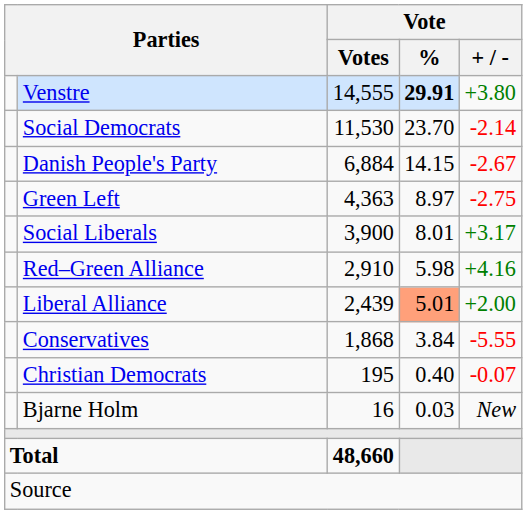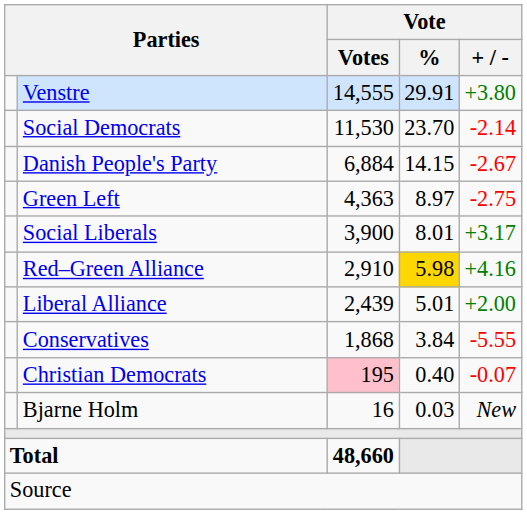 <table class="wikitable" style="text-align:right;">
 <tr>
 <th style="text-align:centre;" rowspan="2" colspan="2" width="225">Parties</th>
 <th colspan="3">Vote</th>
 </tr>
 <tr>
 <th width="15">Votes</th>
 <th width="15">%</th>
 <th width="15">+ / -</th>
 </tr>
 <tr>
 <td width="2" style="color:inherit;background:"></td>
 <td bgcolor=#cfe5fe  align="left"><a href='#'>Venstre</a></td>
 <td bgcolor=#cfe5fe>14,555</td>
-<td bgcolor=#cfe5fe><strong>29.91</strong></td>
+<td bgcolor=#cfe5fe>29.91</td>
 <td style=color:green;>+3.80</td>
 </tr>
 <tr>
 <td width="2" style="color:inherit;background:"></td>
 <td align="left"><a href='#'>Social Democrats</a></td>
 <td>11,530</td>
 <td>23.70</td>
 <td style=color:red;>-2.14</td>
 </tr>
 <tr>
 <td width="2" style="color:inherit;background:"></td>
 <td align="left"><a href='#'>Danish People's Party</a></td>
 <td>6,884</td>
 <td>14.15</td>
 <td style=color:red;>-2.67</td>
 </tr>
 <tr>
 <td width="2" style="color:inherit;background:"></td>
 <td align="left"><a href='#'>Green Left</a></td>
 <td>4,363</td>
 <td>8.97</td>
 <td style=color:red;>-2.75</td>
 </tr>
 <tr>
 <td width="2" style="color:inherit;background:"></td>
 <td align="left"><a href='#'>Social Liberals</a></td>
 <td>3,900</td>
 <td>8.01</td>
 <td style=color:green;>+3.17</td>
 </tr>
 <tr>
 <td width="2" style="color:inherit;background:"></td>
 <td align="left"><a href='#'>Red–Green Alliance</a></td>
 <td>2,910</td>
-<td>5.98</td>
+<td style="background: gold;">5.98</td>
 <td style=color:green;>+4.16</td>
 </tr>
 <tr>
 <td width="2" style="color:inherit;background:"></td>
 <td align="left"><a href='#'>Liberal Alliance</a></td>
 <td>2,439</td>
-<td style="background: lightsalmon;">5.01</td>
+<td>5.01</td>
 <td style=color:green;>+2.00</td>
 </tr>
 <tr>
 <td width="2" style="color:inherit;background:"></td>
 <td align="left"><a href='#'>Conservatives</a></td>
 <td>1,868</td>
 <td>3.84</td>
 <td style=color:red;>-5.55</td>
 </tr>
 <tr>
 <td width="2" style="color:inherit;background:"></td>
 <td align="left"><a href='#'>Christian Democrats</a></td>
-<td>195</td>
+<td style="background: pink;">195</td>
 <td>0.40</td>
 <td style=color:red;>-0.07</td>
 </tr>
 <tr>
 <td width="2" style="color:inherit;background:"></td>
 <td align="left">Bjarne Holm</td>
 <td>16</td>
 <td>0.03</td>
 <td><em>New</em></td>
 </tr>
 <tr>
 <td colspan="7" bgcolor="#E9E9E9"></td>
 </tr>
 <tr>
 <td align="left" colspan="2"><strong>Total</strong></td>
 <td><strong>48,660</strong></td>
 <td bgcolor="#E9E9E9" colspan="2"></td>
 </tr>
 <tr>
 <td align="left" colspan="6">Source</td>
 </tr>
 </table>
